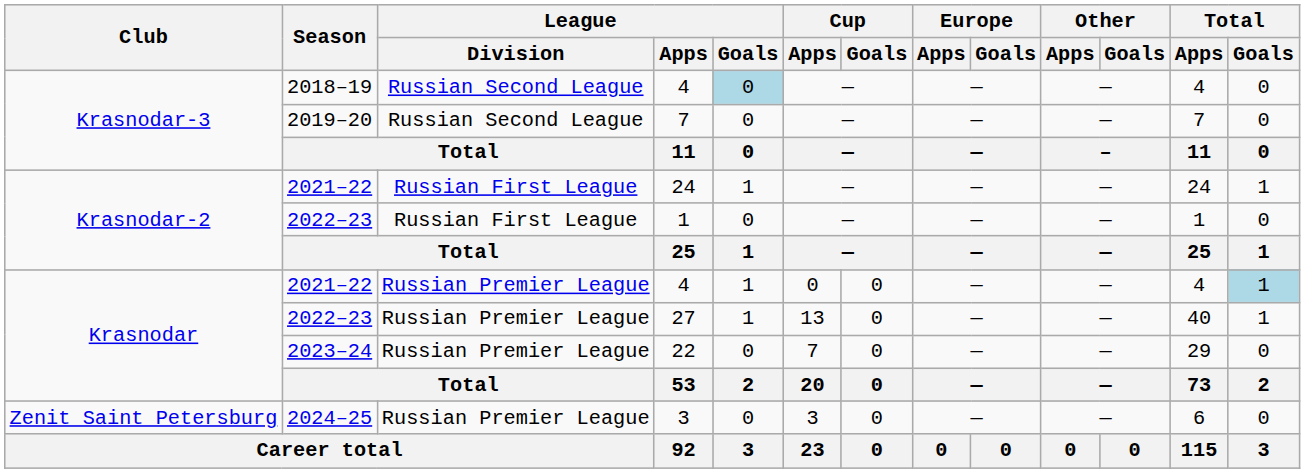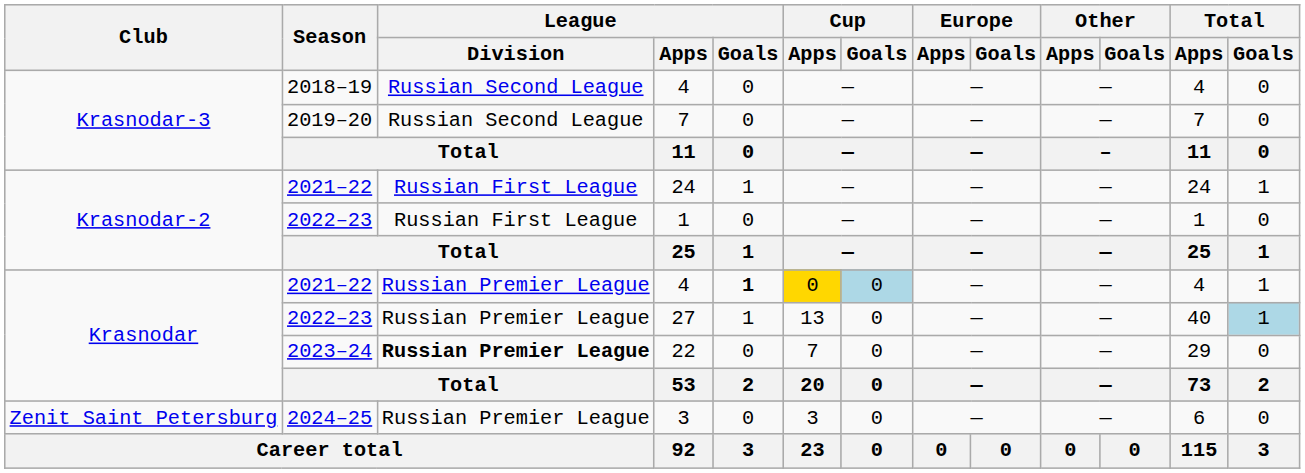 <table class="wikitable" style="text-align: center;">
 <tr>
 <th rowspan="2">Club</th>
 <th rowspan="2">Season</th>
 <th colspan="3">League</th>
 <th colspan="2">Cup</th>
 <th colspan="2">Europe</th>
 <th colspan="2">Other</th>
 <th colspan="2">Total</th>
 </tr>
 <tr>
 <th>Division</th>
 <th>Apps</th>
 <th>Goals</th>
 <th>Apps</th>
 <th>Goals</th>
 <th>Apps</th>
 <th>Goals</th>
 <th>Apps</th>
 <th>Goals</th>
 <th>Apps</th>
 <th>Goals</th>
 </tr>
 <tr>
 <td rowspan="3"><a href='#'>Krasnodar-3</a></td>
 <td>2018–19</td>
 <td><a href='#'>Russian Second League</a></td>
 <td>4</td>
-<td style="background: lightblue;">0</td>
+<td>0</td>
 <td colspan="2">—</td>
 <td colspan="2">—</td>
 <td colspan="2">—</td>
 <td>4</td>
 <td>0</td>
 </tr>
 <tr>
 <td>2019–20</td>
 <td>Russian Second League</td>
 <td>7</td>
 <td>0</td>
 <td colspan="2">—</td>
 <td colspan="2">—</td>
 <td colspan="2">—</td>
 <td>7</td>
 <td>0</td>
 </tr>
 <tr>
 <th colspan="2">Total</th>
 <th>11</th>
 <th>0</th>
 <th colspan="2">—</th>
 <th colspan="2">—</th>
 <th colspan=2>–</th>
 <th>11</th>
 <th>0</th>
 </tr>
 <tr>
 <td rowspan="3"><a href='#'>Krasnodar-2</a></td>
 <td><a href='#'>2021–22</a></td>
 <td><a href='#'>Russian First League</a></td>
 <td>24</td>
 <td>1</td>
 <td colspan="2">—</td>
 <td colspan="2">—</td>
 <td colspan="2">—</td>
 <td>24</td>
 <td>1</td>
 </tr>
 <tr>
 <td><a href='#'>2022–23</a></td>
 <td>Russian First League</td>
 <td>1</td>
 <td>0</td>
 <td colspan="2">—</td>
 <td colspan="2">—</td>
 <td colspan="2">—</td>
 <td>1</td>
 <td>0</td>
 </tr>
 <tr>
 <th colspan="2">Total</th>
 <th>25</th>
 <th>1</th>
 <th colspan="2">—</th>
 <th colspan="2">—</th>
 <th colspan="2">—</th>
 <th>25</th>
 <th>1</th>
 </tr>
 <tr>
 <td rowspan="4"><a href='#'>Krasnodar</a></td>
 <td><a href='#'>2021–22</a></td>
 <td><a href='#'>Russian Premier League</a></td>
 <td>4</td>
-<td>1</td>
-<td>0</td>
-<td>0</td>
+<td><strong>1</strong></td>
+<td style="background: gold;">0</td>
+<td style="background: lightblue;">0</td>
 <td colspan="2">—</td>
 <td colspan="2">—</td>
 <td>4</td>
-<td style="background: lightblue;">1</td>
+<td>1</td>
 </tr>
 <tr>
 <td><a href='#'>2022–23</a></td>
 <td>Russian Premier League</td>
 <td>27</td>
 <td>1</td>
 <td>13</td>
 <td>0</td>
 <td colspan="2">—</td>
 <td colspan="2">—</td>
 <td>40</td>
-<td>1</td>
+<td style="background: lightblue;">1</td>
 </tr>
 <tr>
 <td><a href='#'>2023–24</a></td>
-<td>Russian Premier League</td>
+<td><strong>Russian Premier League</strong></td>
 <td>22</td>
 <td>0</td>
 <td>7</td>
 <td>0</td>
 <td colspan="2">—</td>
 <td colspan="2">—</td>
 <td>29</td>
 <td>0</td>
 </tr>
 <tr>
 <th colspan="2">Total</th>
 <th>53</th>
 <th>2</th>
 <th>20</th>
 <th>0</th>
 <th colspan="2">—</th>
 <th colspan="2">—</th>
 <th>73</th>
 <th>2</th>
 </tr>
 <tr>
 <td><a href='#'>Zenit Saint Petersburg</a></td>
 <td><a href='#'>2024–25</a></td>
 <td>Russian Premier League</td>
 <td>3</td>
 <td>0</td>
 <td>3</td>
 <td>0</td>
 <td colspan="2">—</td>
 <td colspan="2">—</td>
 <td>6</td>
 <td>0</td>
 </tr>
 <tr>
 <th colspan="3">Career total</th>
 <th>92</th>
 <th>3</th>
 <th>23</th>
 <th>0</th>
 <th>0</th>
 <th>0</th>
 <th>0</th>
 <th>0</th>
 <th>115</th>
 <th>3</th>
 </tr>
 </table>
